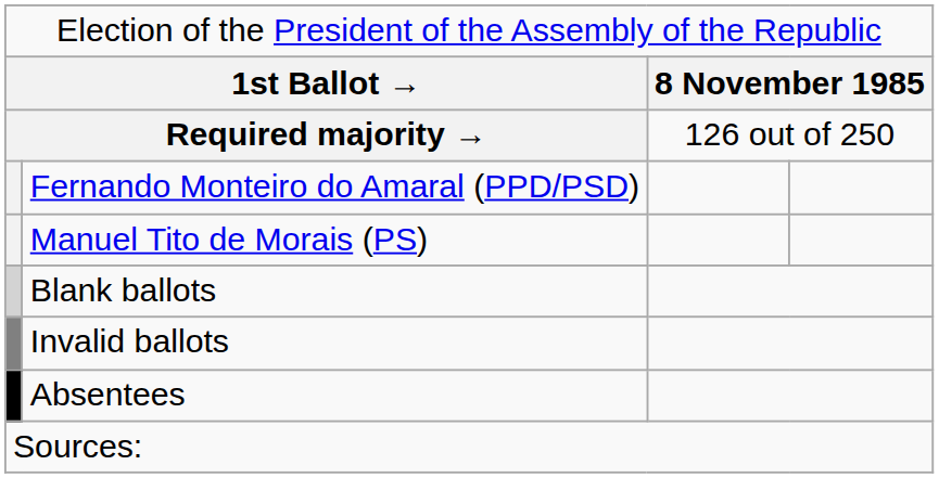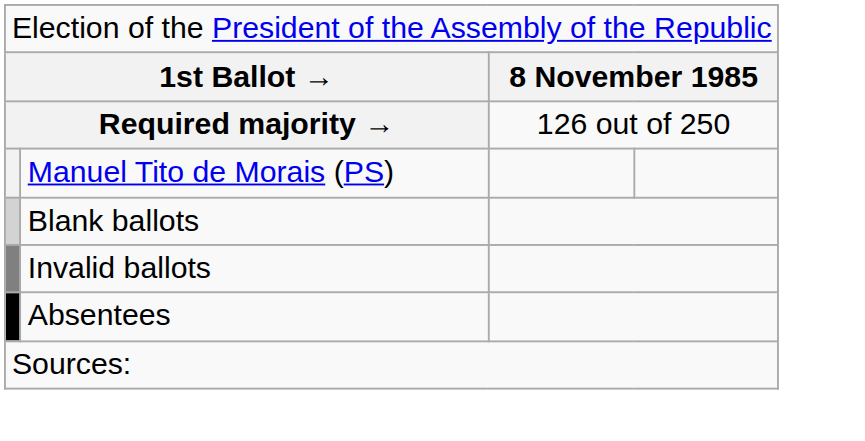 <table class="wikitable" style="text-align:center;">
 <tr>
 <td colspan="4" align="center">Election of the <a href='#'>President of the Assembly of the Republic</a></td>
 </tr>
 <tr>
 <th colspan="2" width="225px">1st Ballot →</th>
 <th colspan="2">8 November 1985</th>
 </tr>
 <tr>
 <th colspan="2">Required majority →</th>
 <td colspan="2">126 out of 250</td>
-</tr>
-<tr>
-<th width="1px" style="background:"></th>
-<td align="left"><a href='#'>Fernando Monteiro do Amaral</a> (<a href='#'>PPD/PSD</a>)</td>
-<td></td>
-<td></td>
 </tr>
 <tr>
 <th width="1px" style="background:"></th>
 <td align="left"><a href='#'>Manuel Tito de Morais</a> (<a href='#'>PS</a>)</td>
 <td></td>
 <td></td>
 </tr>
 <tr>
 <th style="background:lightgray;"></th>
 <td align="left">Blank ballots</td>
 <td colspan="2"></td>
 </tr>
 <tr>
 <th style="background:gray;"></th>
 <td align="left">Invalid ballots</td>
 <td colspan="2"></td>
 </tr>
 <tr>
 <th style="background:black;"></th>
 <td align="left">Absentees</td>
 <td colspan="2"></td>
 </tr>
 <tr>
 <td align="left" colspan="4">Sources:</td>
 </tr>
 </table>
